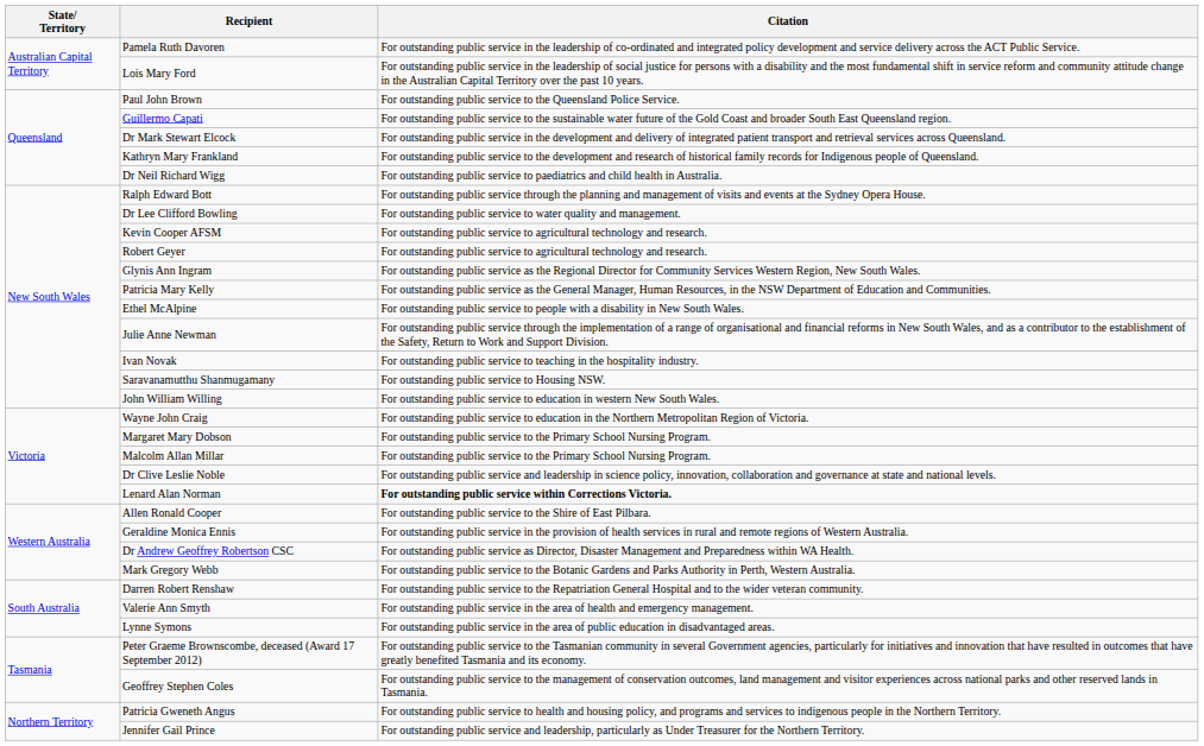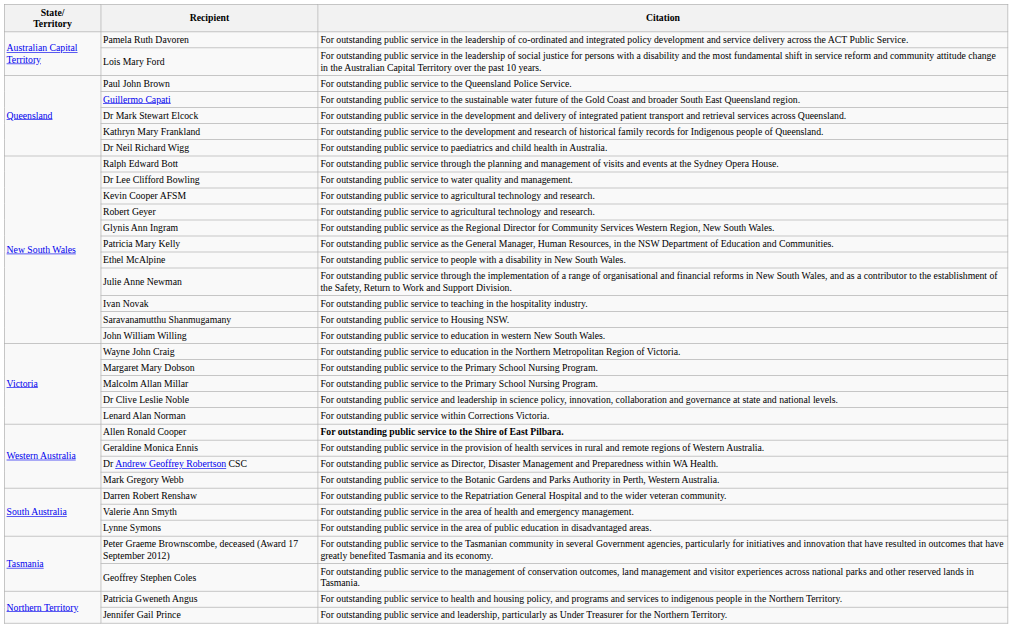 <table class="wikitable" style="font-size:95%;">
 <tr>
 <th>State/<br>Territory</th>
 <th>Recipient</th>
 <th>Citation</th>
 </tr>
 <tr>
 <td rowspan="2"><a href='#'>Australian Capital Territory</a></td>
 <td>Pamela Ruth Davoren</td>
 <td>For outstanding public service in the leadership of co-ordinated and integrated policy development and service delivery across the ACT Public Service.</td>
 </tr>
 <tr>
 <td>Lois Mary Ford</td>
 <td>For outstanding public service in the leadership of social justice for persons with a disability and the most fundamental shift in service reform and community attitude change in the Australian Capital Territory over the past 10 years.</td>
 </tr>
 <tr>
 <td rowspan="5"><a href='#'>Queensland</a></td>
 <td>Paul John Brown</td>
 <td>For outstanding public service to the Queensland Police Service.</td>
 </tr>
 <tr>
 <td><a href='#'>Guillermo Capati</a></td>
 <td>For outstanding public service to the sustainable water future of the Gold Coast and broader South East Queensland region.</td>
 </tr>
 <tr>
 <td>Dr Mark Stewart Elcock</td>
 <td>For outstanding public service in the development and delivery of integrated patient transport and retrieval services across Queensland.  </td>
 </tr>
 <tr>
 <td>Kathryn Mary Frankland</td>
 <td>For outstanding public service to the development and research of historical family records for Indigenous people of Queensland.</td>
 </tr>
 <tr>
 <td>Dr Neil Richard Wigg</td>
 <td>For outstanding public service to paediatrics and child health in Australia.</td>
 </tr>
 <tr>
 <td rowspan="11"><a href='#'>New South Wales</a></td>
 <td>Ralph Edward Bott</td>
 <td>For outstanding public service through the planning and management of visits and events at the Sydney Opera House.</td>
 </tr>
 <tr>
 <td>Dr Lee Clifford Bowling</td>
 <td>For outstanding public service to water quality and management.</td>
 </tr>
 <tr>
 <td>Kevin Cooper AFSM</td>
 <td>For outstanding public service to agricultural technology and research.</td>
 </tr>
 <tr>
 <td>Robert Geyer</td>
 <td>For outstanding public service to agricultural technology and research.</td>
 </tr>
 <tr>
 <td>Glynis Ann Ingram</td>
 <td>For outstanding public service as the Regional Director for Community Services Western Region, New South Wales.</td>
 </tr>
 <tr>
 <td>Patricia Mary Kelly</td>
 <td>For outstanding public service as the General Manager, Human Resources, in the NSW Department of Education and Communities.</td>
 </tr>
 <tr>
 <td>Ethel McAlpine</td>
 <td>For outstanding public service to people with a disability in New South Wales.</td>
 </tr>
 <tr>
 <td>Julie Anne Newman</td>
 <td>For outstanding public service through the implementation of a range of organisational and financial reforms in New South Wales, and as a contributor to the establishment of the Safety, Return to Work and Support Division.</td>
 </tr>
 <tr>
 <td>Ivan Novak</td>
 <td>For outstanding public service to teaching in the hospitality industry.</td>
 </tr>
 <tr>
 <td>Saravanamutthu Shanmugamany</td>
 <td>For outstanding public service to Housing NSW.</td>
 </tr>
 <tr>
 <td>John William Willing</td>
 <td>For outstanding public service to education in western New South Wales.</td>
 </tr>
 <tr>
 <td rowspan="5"><a href='#'>Victoria</a></td>
 <td>Wayne John Craig</td>
 <td>For outstanding public service to education in the Northern Metropolitan Region of Victoria.</td>
 </tr>
 <tr>
 <td>Margaret Mary Dobson</td>
 <td>For outstanding public service to the Primary School Nursing Program.</td>
 </tr>
 <tr>
 <td>Malcolm Allan Millar</td>
 <td>For outstanding public service to the Primary School Nursing Program.</td>
 </tr>
 <tr>
 <td>Dr Clive Leslie Noble</td>
 <td>For outstanding public service and leadership in science policy, innovation, collaboration and governance at state and national levels.</td>
 </tr>
 <tr>
 <td>Lenard Alan Norman</td>
-<td><strong>For outstanding public service within Corrections Victoria.</strong></td>
+<td>For outstanding public service within Corrections Victoria.</td>
 </tr>
 <tr>
 <td rowspan="4"><a href='#'>Western Australia</a></td>
 <td>Allen Ronald Cooper</td>
-<td>For outstanding public service to the Shire of East Pilbara.</td>
+<td><strong>For outstanding public service to the Shire of East Pilbara.</strong></td>
 </tr>
 <tr>
 <td>Geraldine Monica Ennis</td>
 <td>For outstanding public service in the provision of health services in rural and remote regions of Western Australia.</td>
 </tr>
 <tr>
 <td>Dr <a href='#'>Andrew Geoffrey Robertson</a> CSC</td>
 <td>For outstanding public service as Director, Disaster Management and Preparedness within WA Health.</td>
 </tr>
 <tr>
 <td>Mark Gregory Webb</td>
 <td>For outstanding public service to the Botanic Gardens and Parks Authority in Perth, Western Australia.</td>
 </tr>
 <tr>
 <td rowspan="3"><a href='#'>South Australia</a></td>
 <td>Darren Robert Renshaw</td>
 <td>For outstanding public service to the Repatriation General Hospital and to the wider veteran community.</td>
 </tr>
 <tr>
 <td>Valerie Ann Smyth</td>
 <td>For outstanding public service in the area of health and emergency management.</td>
 </tr>
 <tr>
 <td>Lynne Symons</td>
 <td>For outstanding public service in the area of public education in disadvantaged areas.</td>
 </tr>
 <tr>
 <td rowspan="2"><a href='#'>Tasmania</a></td>
 <td>Peter Graeme Brownscombe, deceased (Award 17 September 2012)</td>
 <td>For outstanding public service to the Tasmanian community in several Government agencies, particularly for initiatives and innovation that have resulted in outcomes that have greatly benefited Tasmania and its economy.</td>
 </tr>
 <tr>
 <td>Geoffrey Stephen Coles</td>
 <td>For outstanding public service to the management of conservation outcomes, land management and visitor experiences across national parks and other reserved lands in Tasmania.</td>
 </tr>
 <tr>
 <td rowspan="2"><a href='#'>Northern Territory</a></td>
 <td>Patricia Gweneth Angus</td>
 <td>For outstanding public service to health and housing policy, and programs and services to indigenous people in the Northern Territory.</td>
 </tr>
 <tr>
 <td>Jennifer Gail Prince</td>
 <td>For outstanding public service and leadership, particularly as Under Treasurer for the Northern Territory.</td>
 </tr>
 </table>
